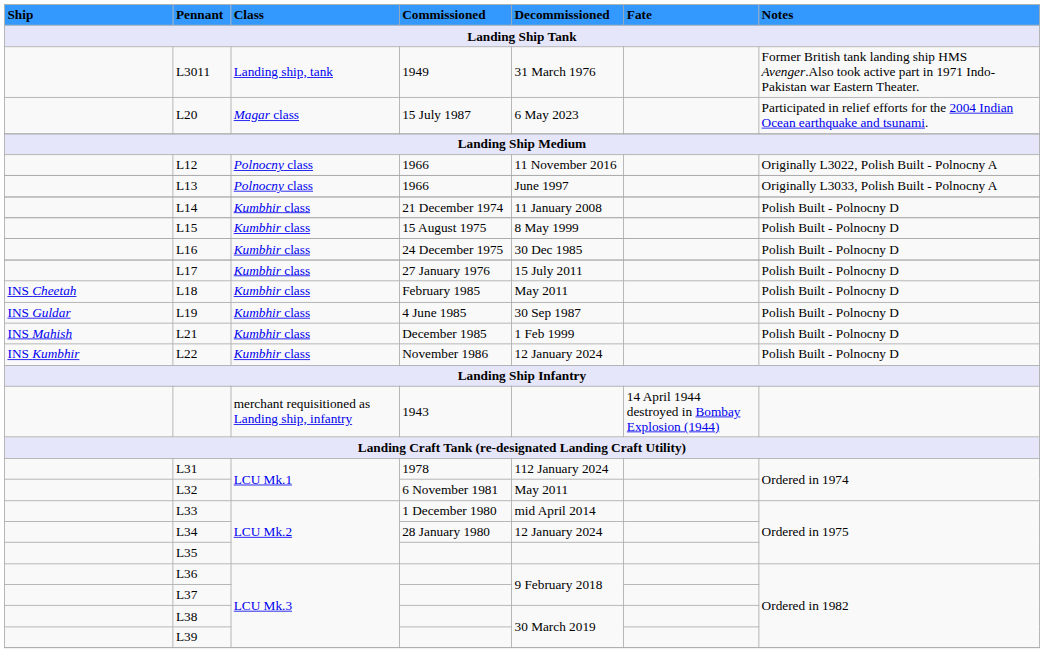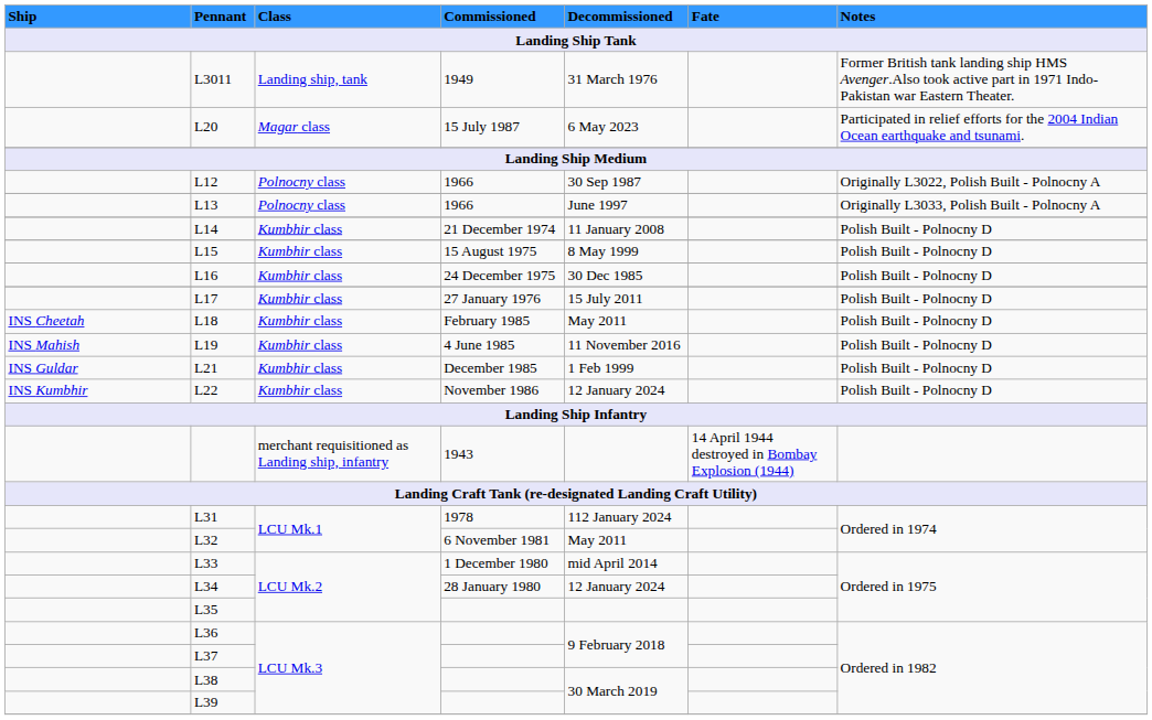 <table class="wikitable">
 <tr>
 <th style="text-align:left; width:15%;background-color:#3399FF;">Ship</th>
 <th style="text-align:left; width:5%;background-color:#3399FF;">Pennant</th>
 <th style="text-align:left; width:15%;background-color:#3399FF;">Class</th>
 <th style="text-align:left; width:10%;background-color:#3399FF;">Commissioned</th>
 <th style="text-align:left; width:10%;background-color:#3399FF;">Decommissioned</th>
 <th style="text-align:left; width:12%;background-color:#3399FF;">Fate</th>
 <th style="text-align:left; width:25%;background-color:#3399FF;">Notes</th>
 </tr>
 <tr>
 <th colspan="7" style="background: lavender;">Landing Ship Tank</th>
 </tr>
 <tr>
 <td></td>
 <td>L3011</td>
 <td><a href='#'>Landing ship, tank</a></td>
 <td>1949</td>
 <td>31 March 1976</td>
 <td></td>
 <td>Former British tank landing ship HMS <em>Avenger</em>.Also took active part in 1971 Indo-Pakistan war Eastern Theater.</td>
 </tr>
 <tr>
 <td></td>
 <td>L20</td>
 <td><a href='#'><em>Magar</em> class</a></td>
 <td>15 July 1987</td>
 <td>6 May 2023</td>
 <td></td>
 <td>Participated in relief efforts for the <a href='#'>2004 Indian Ocean earthquake and tsunami</a>.</td>
 </tr>
 <tr>
 </tr>
 <tr>
 <th colspan="7" style="background: lavender;">Landing Ship Medium</th>
 </tr>
 <tr>
 <td></td>
 <td>L12</td>
 <td><a href='#'><em>Polnocny</em> class</a></td>
 <td>1966</td>
-<td>11 November 2016</td>
+<td>30 Sep 1987</td>
 <td></td>
 <td>Originally L3022, Polish Built - Polnocny A</td>
 </tr>
 <tr>
 </tr>
 <tr>
 <td></td>
 <td>L13</td>
 <td><a href='#'><em>Polnocny</em> class</a></td>
 <td>1966</td>
 <td>June 1997</td>
 <td></td>
 <td>Originally L3033, Polish Built - Polnocny A</td>
 </tr>
 <tr>
 </tr>
 <tr>
 <td></td>
 <td>L14</td>
 <td><a href='#'><em>Kumbhir</em> class</a></td>
 <td>21 December 1974</td>
 <td>11 January 2008</td>
 <td></td>
 <td>Polish Built - Polnocny D</td>
 </tr>
 <tr>
 </tr>
 <tr>
 <td></td>
 <td>L15</td>
 <td><a href='#'><em>Kumbhir</em> class</a></td>
 <td>15 August 1975</td>
 <td>8 May 1999</td>
 <td></td>
 <td>Polish Built - Polnocny D</td>
 </tr>
 <tr>
 </tr>
 <tr>
 <td></td>
 <td>L16</td>
 <td><a href='#'><em>Kumbhir</em> class</a></td>
 <td>24 December 1975</td>
 <td>30 Dec 1985</td>
 <td></td>
 <td>Polish Built - Polnocny D</td>
 </tr>
 <tr>
 </tr>
 <tr>
 <td></td>
 <td>L17</td>
 <td><a href='#'><em>Kumbhir</em> class</a></td>
 <td>27 January 1976</td>
 <td>15 July 2011</td>
 <td></td>
 <td>Polish Built - Polnocny D</td>
 </tr>
 <tr>
 <td><a href='#'>INS <em>Cheetah</em></a></td>
 <td>L18</td>
 <td><a href='#'><em>Kumbhir</em> class</a></td>
 <td>February 1985</td>
 <td>May 2011</td>
 <td></td>
 <td>Polish Built - Polnocny D</td>
 </tr>
 <tr>
-<td><a href='#'>INS <em>Guldar</em></a></td>
+<td><a href='#'>INS <em>Mahish</em></a></td>
 <td>L19</td>
 <td><a href='#'><em>Kumbhir</em> class</a></td>
 <td>4 June 1985</td>
-<td>30 Sep 1987</td>
+<td>11 November 2016</td>
 <td></td>
 <td>Polish Built - Polnocny D</td>
 </tr>
 <tr>
-<td><a href='#'>INS <em>Mahish</em></a></td>
+<td><a href='#'>INS <em>Guldar</em></a></td>
 <td>L21</td>
 <td><a href='#'><em>Kumbhir</em> class</a></td>
 <td>December 1985</td>
 <td>1 Feb 1999</td>
 <td></td>
 <td>Polish Built - Polnocny D</td>
 </tr>
 <tr>
 <td><a href='#'>INS <em>Kumbhir</em></a></td>
 <td>L22</td>
 <td><a href='#'><em>Kumbhir</em> class</a></td>
 <td>November 1986</td>
 <td>12 January 2024</td>
 <td></td>
 <td>Polish Built - Polnocny D</td>
 </tr>
 <tr>
 <th colspan="7" style="background: lavender;">Landing Ship Infantry</th>
 </tr>
 <tr>
 <td></td>
 <td></td>
 <td>merchant requisitioned as <a href='#'>Landing ship, infantry</a></td>
 <td>1943</td>
 <td></td>
 <td>14 April 1944 destroyed in <a href='#'>Bombay Explosion (1944)</a></td>
 <td></td>
 </tr>
 <tr>
 <th colspan="7" style="background: lavender;">Landing Craft Tank (re-designated Landing Craft Utility)</th>
 </tr>
 <tr>
 <td></td>
 <td>L31</td>
 <td rowspan="2"><a href='#'>LCU Mk.1</a></td>
 <td>1978</td>
 <td>112 January 2024</td>
 <td></td>
 <td rowspan="2">Ordered in 1974</td>
 </tr>
 <tr>
 <td></td>
 <td>L32</td>
 <td>6 November 1981</td>
 <td>May 2011</td>
 <td></td>
 </tr>
 <tr>
 <td></td>
 <td>L33</td>
 <td rowspan="3"><a href='#'>LCU Mk.2</a></td>
 <td>1 December 1980</td>
 <td>mid April 2014</td>
 <td></td>
 <td rowspan="3">Ordered in 1975</td>
 </tr>
 <tr>
 <td></td>
 <td>L34</td>
 <td>28 January 1980</td>
 <td>12 January 2024</td>
 <td></td>
 </tr>
 <tr>
 <td></td>
 <td>L35</td>
 <td></td>
 <td></td>
 </tr>
 <tr>
 <td></td>
 <td>L36</td>
 <td rowspan="4"><a href='#'>LCU Mk.3</a></td>
 <td></td>
 <td rowspan="2">9 February 2018</td>
 <td></td>
 <td rowspan="4">Ordered in 1982</td>
 </tr>
 <tr>
 <td></td>
 <td>L37</td>
 <td></td>
 <td></td>
 </tr>
 <tr>
 <td></td>
 <td>L38</td>
 <td></td>
 <td rowspan="2">30 March 2019</td>
 <td></td>
 </tr>
 <tr>
 <td></td>
 <td>L39</td>
 <td></td>
 <td></td>
 </tr>
 <tr>
 </tr>
 </table>
